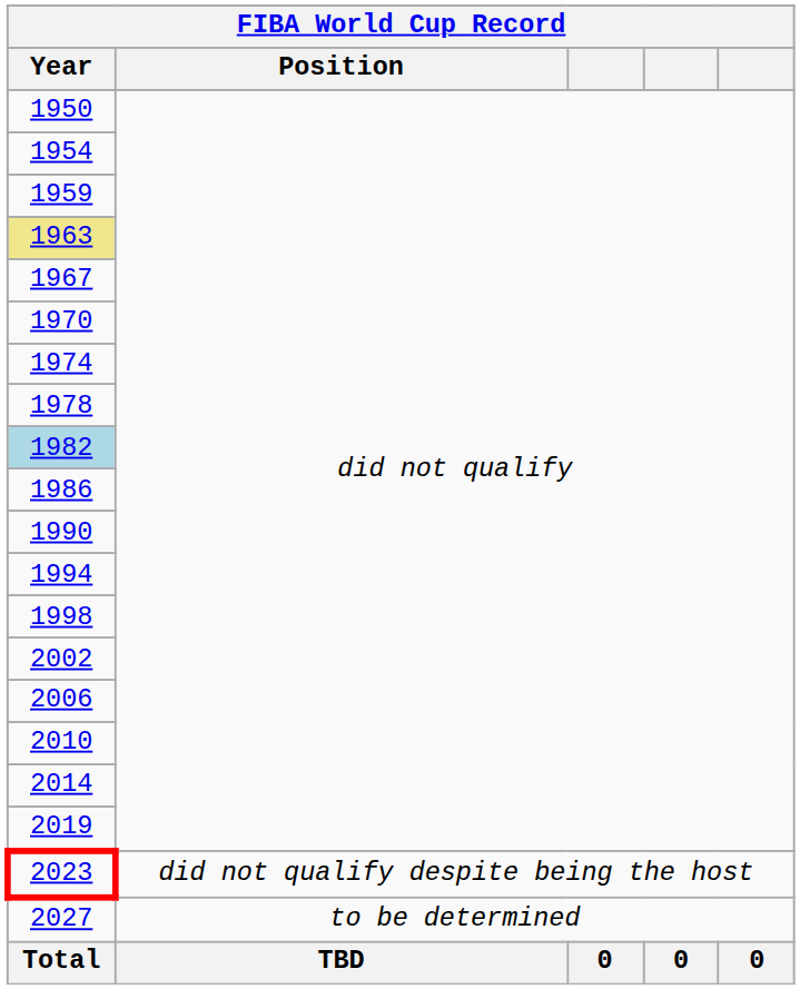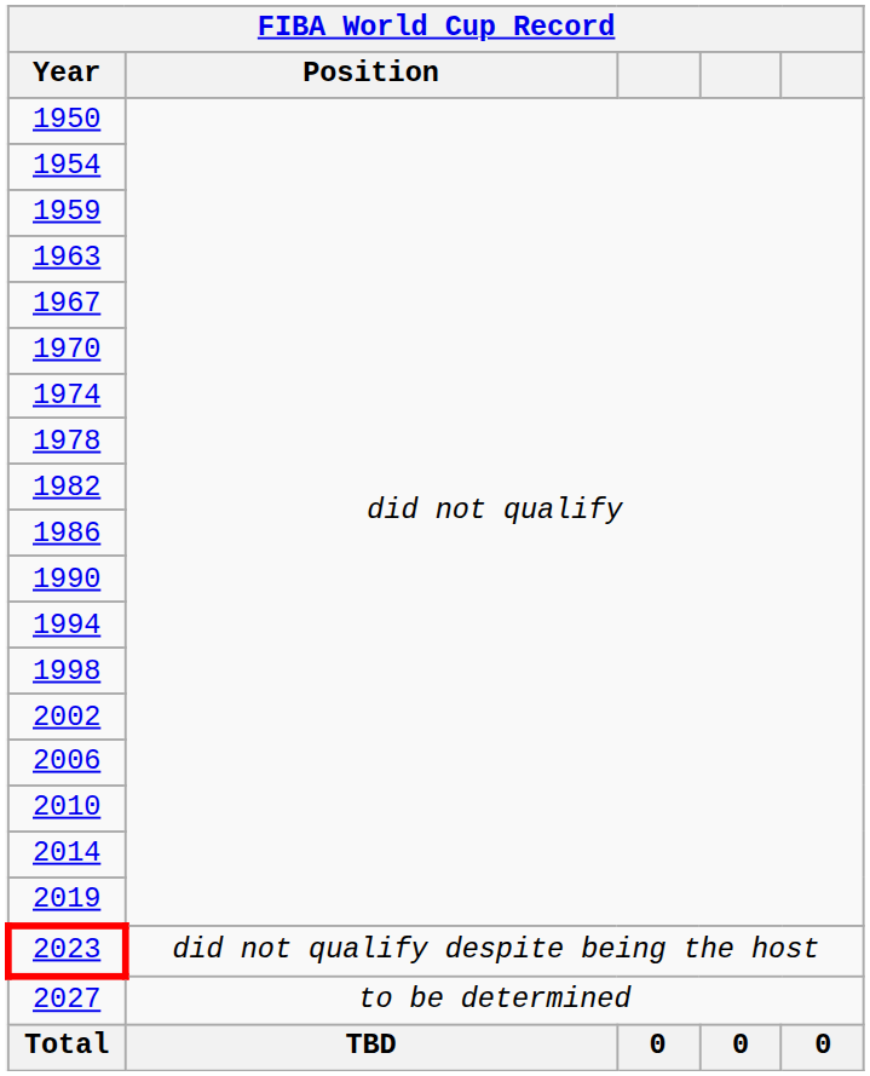 <table class="wikitable collapsible autocollapse"  style="text-align:center; font-size:95%; width:60%;">
 <tr>
 <th colspan=5><a href='#'>FIBA World Cup Record</a></th>
 </tr>
 <tr>
 <th>Year</th>
 <th>Position</th>
 <th width=30></th>
 <th width=30></th>
 <th width=30></th>
 </tr>
 <tr>
 <td> <a href='#'>1950</a></td>
 <td colspan="10" rowspan="18" style="text-align:center;"><em>did not qualify</em></td>
 </tr>
 <tr>
 <td> <a href='#'>1954</a></td>
 </tr>
 <tr>
 <td> <a href='#'>1959</a></td>
 </tr>
 <tr>
-<td style="background: khaki;"> <a href='#'>1963</a></td>
+<td> <a href='#'>1963</a></td>
 </tr>
 <tr>
 <td> <a href='#'>1967</a></td>
 </tr>
 <tr>
 <td> <a href='#'>1970</a></td>
 </tr>
 <tr>
 <td> <a href='#'>1974</a></td>
 </tr>
 <tr>
 <td> <a href='#'>1978</a></td>
 </tr>
 <tr>
-<td style="background: lightblue;"> <a href='#'>1982</a></td>
+<td> <a href='#'>1982</a></td>
 </tr>
 <tr>
 <td> <a href='#'>1986</a></td>
 </tr>
 <tr>
 <td> <a href='#'>1990</a></td>
 </tr>
 <tr>
 <td> <a href='#'>1994</a></td>
 </tr>
 <tr>
 <td> <a href='#'>1998</a></td>
 </tr>
 <tr>
 <td> <a href='#'>2002</a></td>
 </tr>
 <tr>
 <td> <a href='#'>2006</a></td>
 </tr>
 <tr>
 <td> <a href='#'>2010</a></td>
 </tr>
 <tr>
 <td> <a href='#'>2014</a></td>
 </tr>
 <tr>
 <td> <a href='#'>2019</a></td>
 </tr>
 <tr>
 <td style="border: 3px solid red">   <a href='#'>2023</a></td>
 <td colspan="4" style="text-align:center;"><em>did not qualify despite being the host</em></td>
 </tr>
 <tr>
 <td> <a href='#'>2027</a></td>
 <td colspan="4" style="text-align:center;"><em>to be determined</em></td>
 </tr>
 <tr>
 <th>Total</th>
 <th>TBD</th>
 <th>0</th>
 <th>0</th>
 <th>0</th>
 </tr>
 </table>
